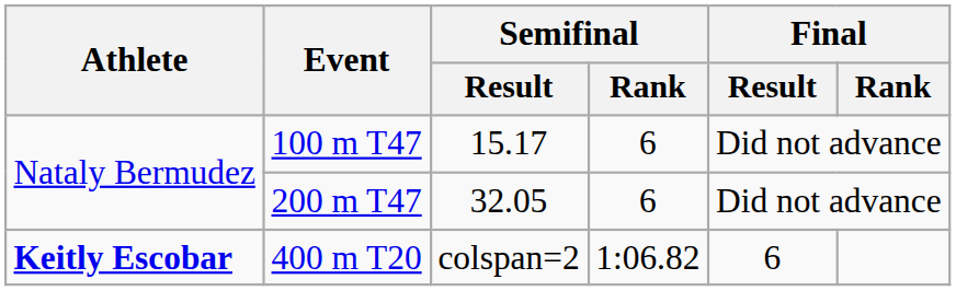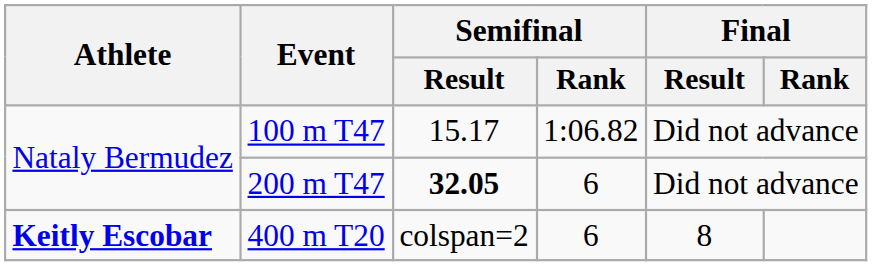 <table class="wikitable" style="font-size:90%">
 <tr>
 <th rowspan="2">Athlete</th>
 <th rowspan="2">Event</th>
 <th colspan="2">Semifinal</th>
 <th colspan="2">Final</th>
 </tr>
 <tr style="font-size:95%">
 <th>Result</th>
 <th>Rank</th>
 <th>Result</th>
 <th>Rank</th>
 </tr>
 <tr align=center>
 <td align=left rowspan=2><a href='#'>Nataly Bermudez</a></td>
 <td align=left><a href='#'>100 m T47</a></td>
 <td>15.17</td>
-<td>6</td>
+<td>1:06.82</td>
 <td colspan=2>Did not advance</td>
 </tr>
 <tr align=center>
 <td align=left><a href='#'>200 m T47</a></td>
-<td>32.05</td>
+<td><strong>32.05</strong></td>
 <td>6</td>
 <td colspan=2>Did not advance</td>
 </tr>
 <tr align=center>
 <td align=left><strong><a href='#'>Keitly Escobar</a></strong></td>
 <td align=left><a href='#'>400 m T20</a></td>
 <td>colspan=2 </td>
-<td>1:06.82</td>
 <td>6</td>
+<td>8</td>
 </tr>
 </table>
